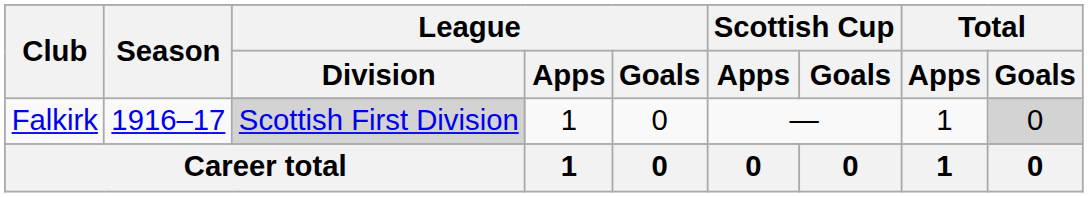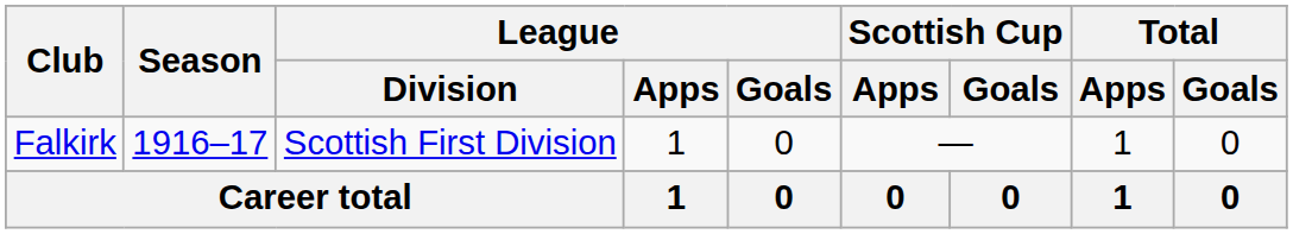 <table class="wikitable" style="text-align:center">
 <tr>
 <th rowspan="2">Club</th>
 <th rowspan="2">Season</th>
 <th colspan="3">League</th>
 <th colspan="2">Scottish Cup</th>
 <th colspan="2">Total</th>
 </tr>
 <tr>
 <th>Division</th>
 <th>Apps</th>
 <th>Goals</th>
 <th>Apps</th>
 <th>Goals</th>
 <th>Apps</th>
 <th>Goals</th>
 </tr>
 <tr>
 <td><a href='#'>Falkirk</a></td>
 <td><a href='#'>1916–17</a></td>
-<td style="background: lightgrey;"><a href='#'>Scottish First Division</a></td>
+<td><a href='#'>Scottish First Division</a></td>
 <td>1</td>
 <td>0</td>
 <td colspan="2">―</td>
 <td>1</td>
-<td style="background: lightgrey;">0</td>
+<td>0</td>
 </tr>
 <tr>
 <th colspan="3">Career total</th>
 <th>1</th>
 <th>0</th>
 <th>0</th>
 <th>0</th>
 <th>1</th>
 <th>0</th>
 </tr>
 </table>
